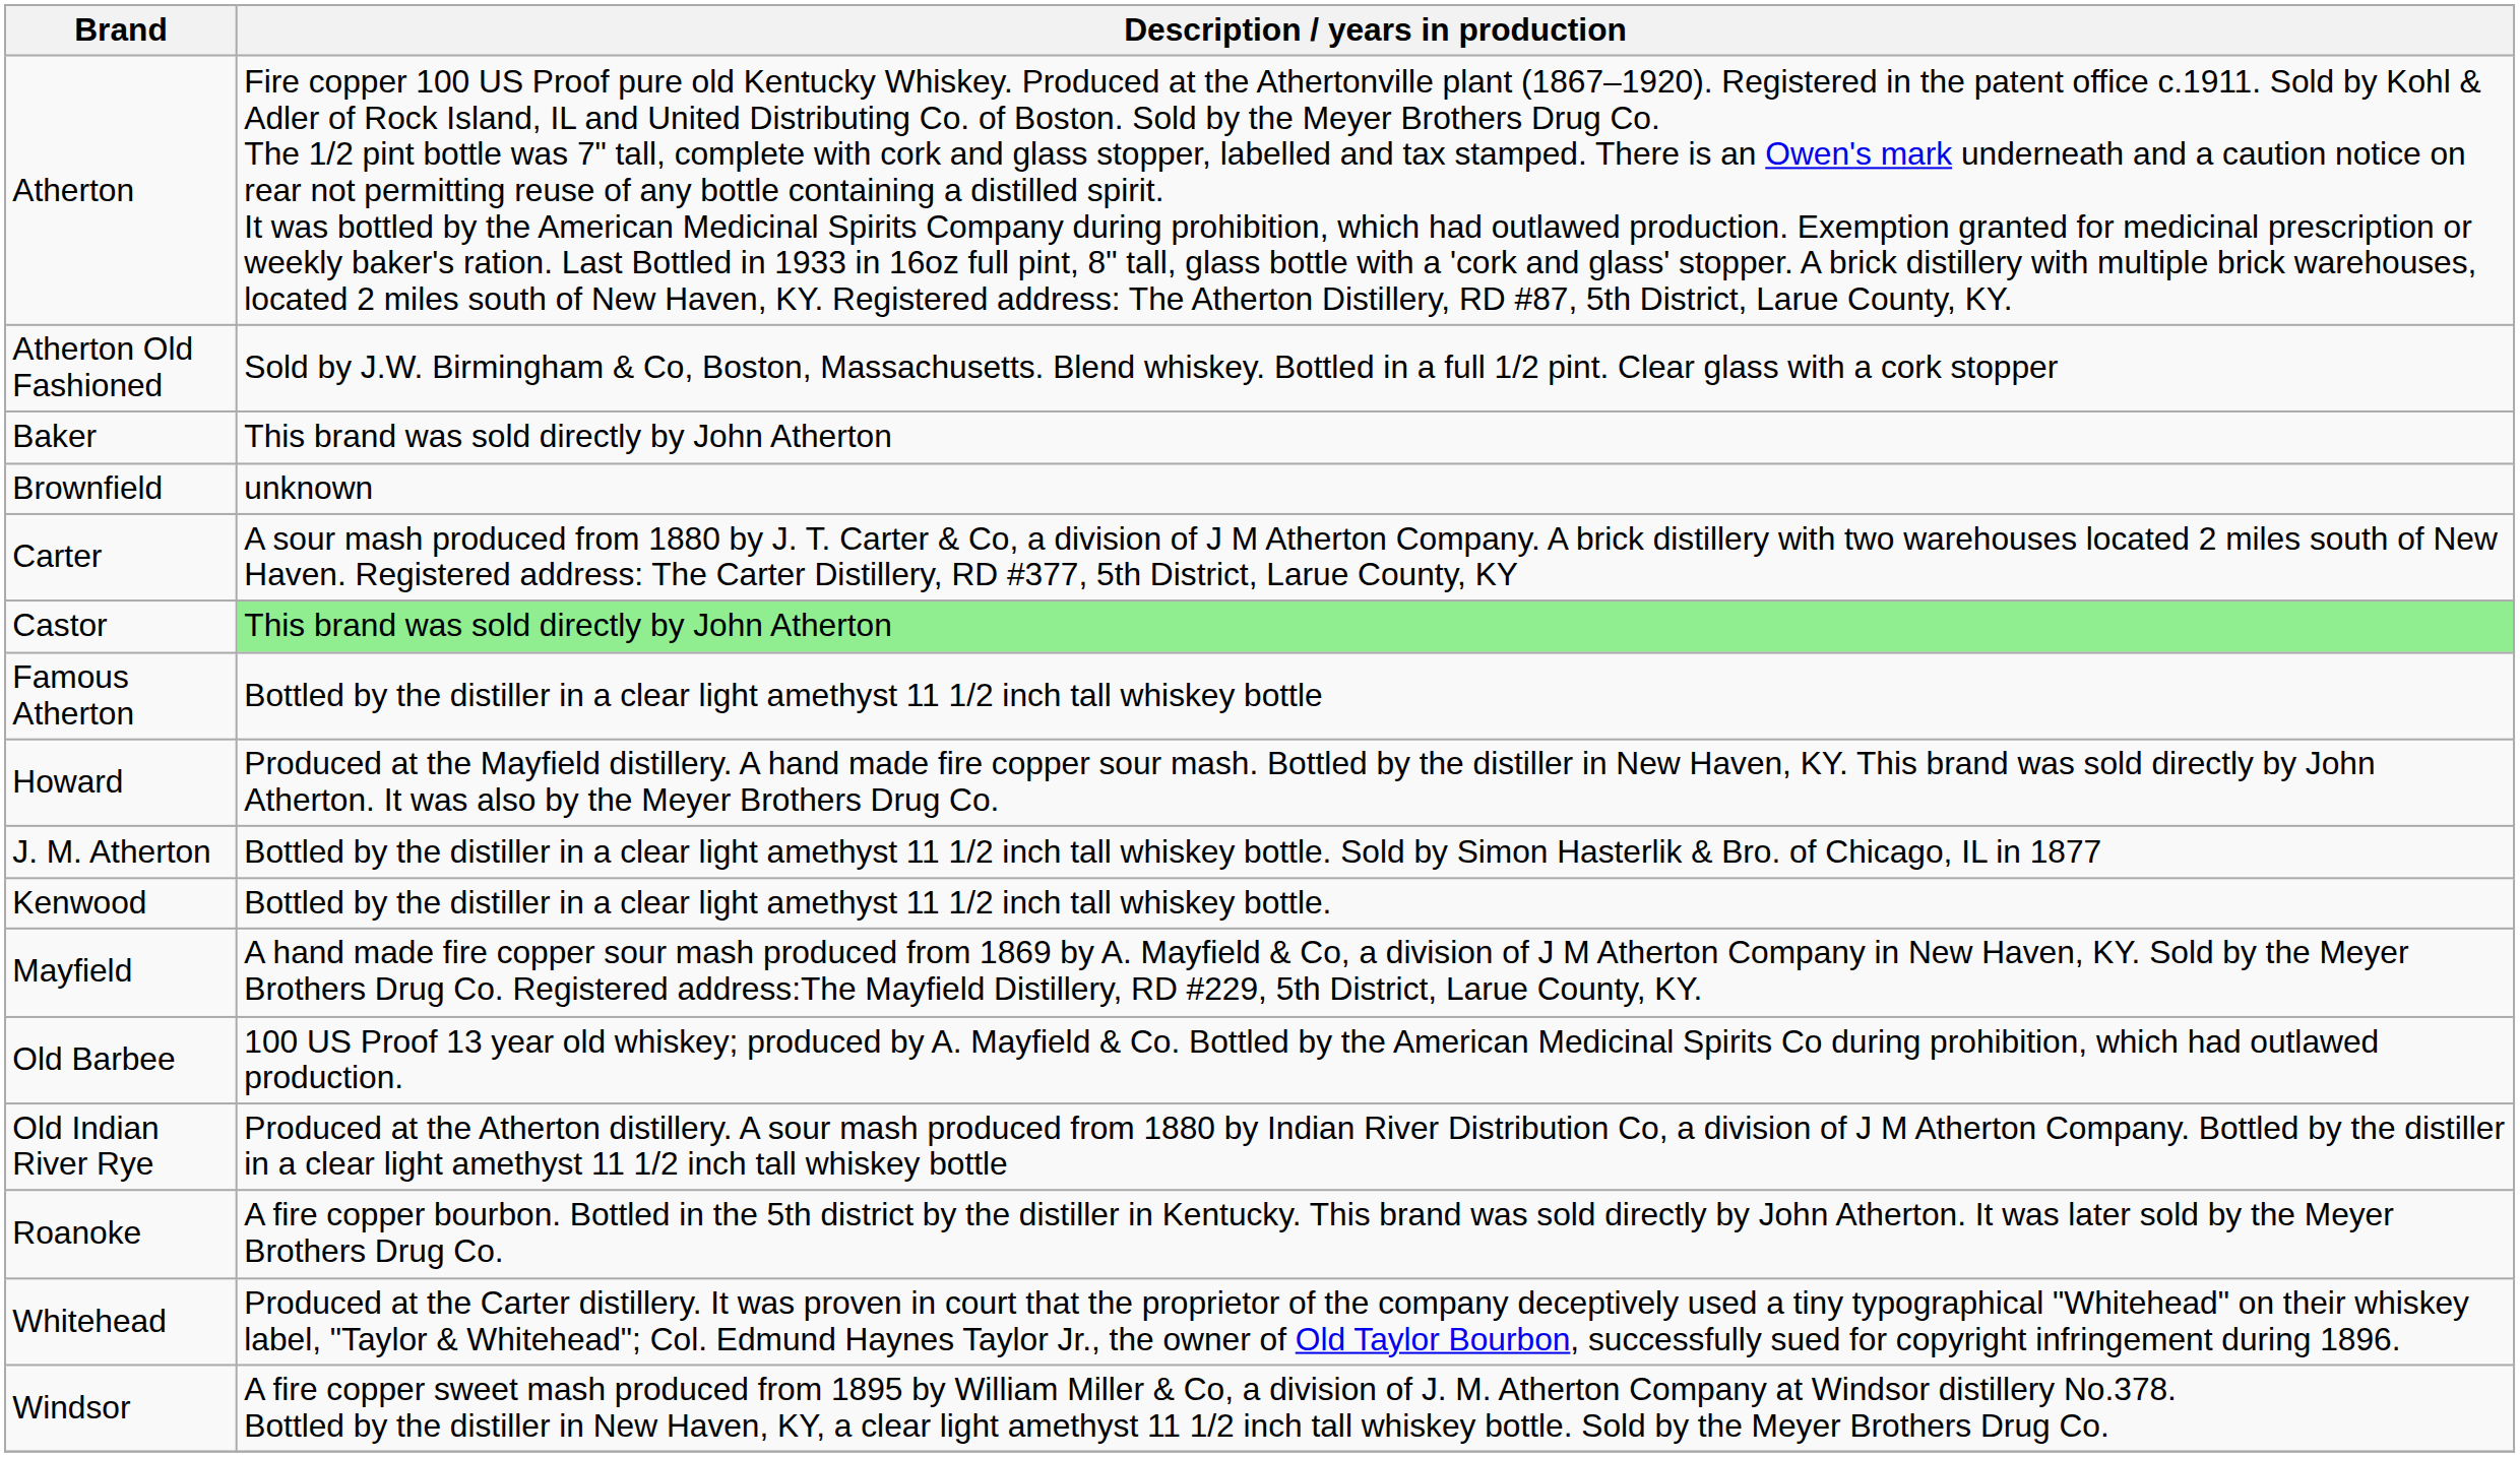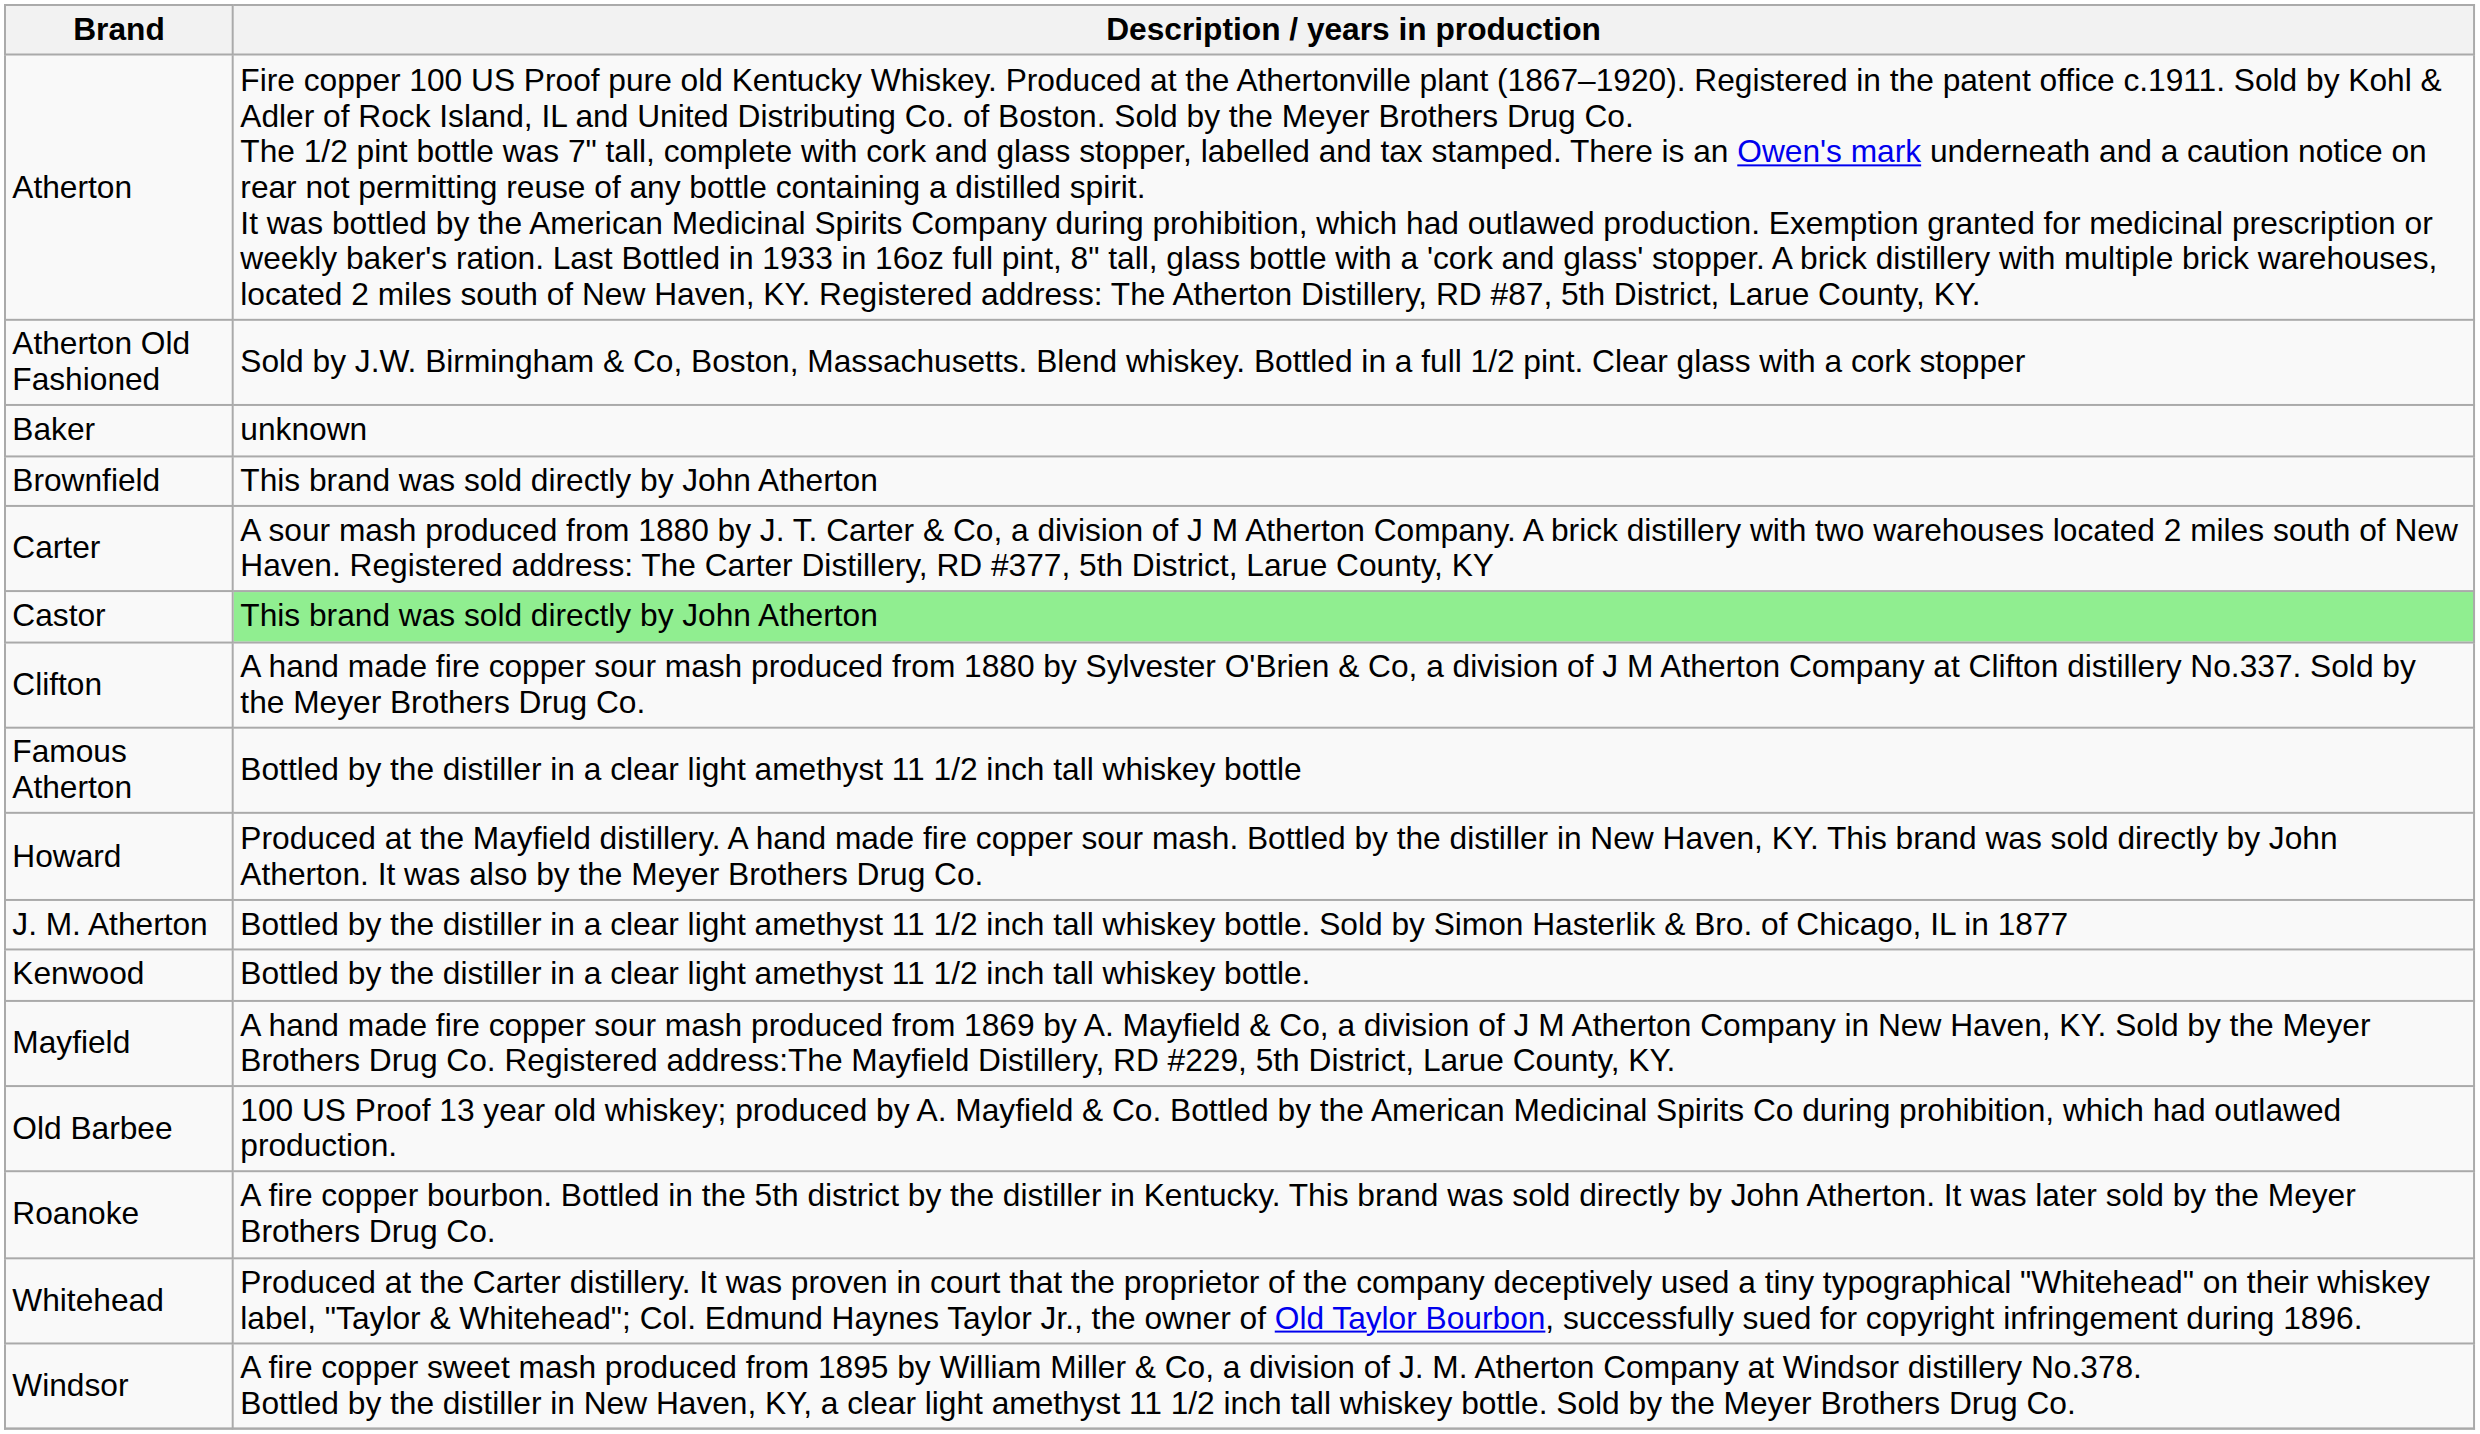 <table class="wikitable">
 <tr>
 <th>Brand</th>
 <th>Description / years in production</th>
 </tr>
 <tr>
 <td>Atherton</td>
 <td>Fire copper 100 US Proof pure old Kentucky Whiskey. Produced at the Athertonville plant (1867–1920). Registered in the patent office c.1911. Sold by Kohl & Adler of Rock Island, IL and United Distributing Co. of Boston. Sold by the Meyer Brothers Drug Co.<br>The 1/2 pint bottle was 7" tall, complete with cork and glass stopper, labelled and tax stamped. There is an <a href='#'>Owen's mark</a> underneath and a caution notice on rear not permitting reuse of any bottle containing a distilled spirit.<br>It was bottled by the American Medicinal Spirits Company during prohibition, which had outlawed production. Exemption granted for medicinal prescription or weekly baker's ration.  Last Bottled in 1933 in 16oz full pint, 8" tall, glass bottle with a 'cork and glass' stopper. A brick distillery with multiple brick warehouses, located 2 miles south of New Haven, KY. Registered address: The Atherton Distillery, RD #87, 5th District, Larue County, KY.</td>
 </tr>
 <tr>
 <td>Atherton Old Fashioned</td>
 <td>Sold by J.W. Birmingham & Co, Boston, Massachusetts. Blend whiskey. Bottled in a full 1/2 pint. Clear glass with a cork stopper</td>
 </tr>
 <tr>
 <td>Baker</td>
-<td>This brand was sold directly by John Atherton</td>
+<td>unknown</td>
 </tr>
 <tr>
 <td>Brownfield</td>
-<td>unknown</td>
+<td>This brand was sold directly by John Atherton</td>
 </tr>
 <tr>
 <td>Carter</td>
 <td>A sour mash produced from 1880 by J. T. Carter & Co, a division of J M Atherton Company. A brick distillery with two warehouses located 2 miles south of New Haven. Registered address: The Carter Distillery, RD #377, 5th District, Larue County, KY</td>
 </tr>
 <tr>
 <td>Castor</td>
 <td style="background: lightgreen;">This brand was sold directly by John Atherton</td>
+</tr>
+<tr>
+<td>Clifton</td>
+<td>A hand made fire copper sour mash produced from 1880 by Sylvester O'Brien & Co, a division of J M Atherton Company at Clifton distillery No.337. Sold by the Meyer Brothers Drug Co.</td>
 </tr>
 <tr>
 <td>Famous Atherton</td>
 <td>Bottled by the distiller in a clear light amethyst 11 1/2 inch tall whiskey bottle</td>
 </tr>
 <tr>
 <td>Howard</td>
 <td>Produced at the Mayfield distillery. A hand made fire copper sour mash. Bottled by the distiller in New Haven, KY. This brand was sold directly by John Atherton. It was also by the Meyer Brothers Drug Co.</td>
 </tr>
 <tr>
 <td>J. M. Atherton</td>
 <td>Bottled by the distiller in a clear light amethyst 11 1/2 inch tall whiskey bottle. Sold by Simon Hasterlik & Bro. of Chicago, IL in 1877</td>
 </tr>
 <tr>
 <td>Kenwood</td>
 <td>Bottled by the distiller in a clear light amethyst 11 1/2 inch tall whiskey bottle.</td>
 </tr>
 <tr>
 <td>Mayfield</td>
 <td>A hand made fire copper sour mash produced from 1869 by A. Mayfield & Co, a division of J M Atherton Company in New Haven, KY. Sold by the Meyer Brothers Drug Co. Registered address:The Mayfield Distillery, RD #229, 5th District, Larue County, KY.</td>
 </tr>
 <tr>
 <td>Old Barbee</td>
 <td>100 US Proof 13 year old whiskey; produced by A. Mayfield & Co. Bottled by the American Medicinal Spirits Co during prohibition, which had outlawed production.</td>
 </tr>
 <tr>
-<td>Old Indian River Rye</td>
-<td>Produced at the Atherton distillery. A sour mash produced from 1880 by Indian River Distribution Co, a division of J M Atherton Company. Bottled by the distiller in a clear light amethyst 11 1/2 inch tall whiskey bottle</td>
-</tr>
-<tr>
 <td>Roanoke</td>
 <td>A fire copper bourbon. Bottled in the 5th district by the distiller in Kentucky. This brand was sold directly by John Atherton. It was later sold by the Meyer Brothers Drug Co.</td>
 </tr>
 <tr>
 <td>Whitehead</td>
 <td>Produced at the Carter distillery. It was proven in court that the proprietor of the company deceptively used a tiny typographical "Whitehead" on their whiskey label, "Taylor & Whitehead"; Col. Edmund Haynes Taylor Jr., the owner of <a href='#'>Old Taylor Bourbon</a>, successfully sued for copyright infringement during 1896.</td>
 </tr>
 <tr>
 <td>Windsor</td>
 <td>A fire copper sweet mash produced from 1895 by William Miller & Co, a division of J. M. Atherton Company at Windsor distillery No.378.<br>Bottled by the distiller in New Haven, KY, a clear light amethyst 11 1/2 inch tall whiskey bottle. Sold by the Meyer Brothers Drug Co.</td>
 </tr>
 <tr>
 </tr>
 </table>
